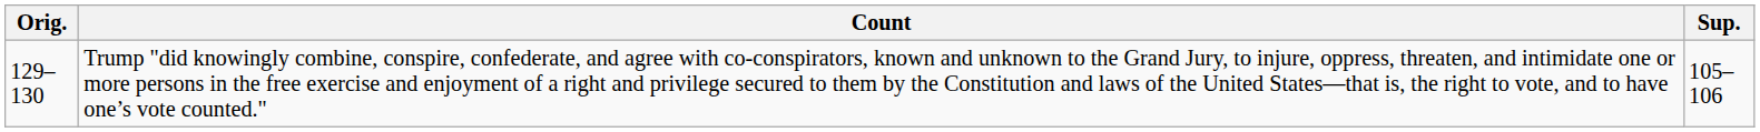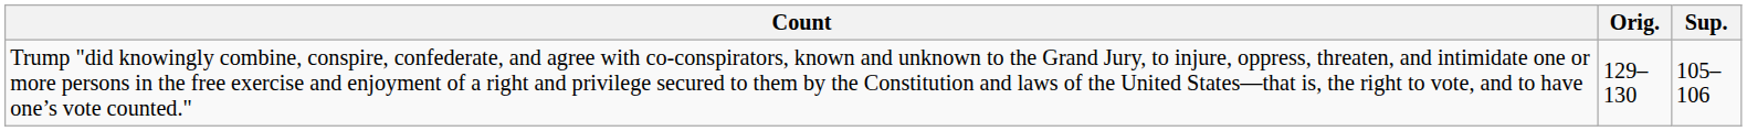 <table class="wikitable">
 <tr>
+<th>Count</th>
 <th>Orig.</th>
-<th>Count</th>
 <th>Sup.</th>
 </tr>
 <tr>
+<td>Trump "did knowingly combine, conspire, confederate, and agree with co-conspirators, known and unknown to the Grand Jury, to injure, oppress, threaten, and intimidate one or more persons in the free exercise and enjoyment of a right and privilege secured to them by the Constitution and laws of the United States—that is, the right to vote, and to have one’s vote counted."</td>
 <td>129–130</td>
-<td>Trump "did knowingly combine, conspire, confederate, and agree with co-conspirators, known and unknown to the Grand Jury, to injure, oppress, threaten, and intimidate one or more persons in the free exercise and enjoyment of a right and privilege secured to them by the Constitution and laws of the United States—that is, the right to vote, and to have one’s vote counted."</td>
 <td>105–106</td>
 </tr>
 </table>
